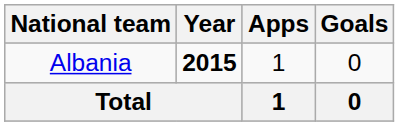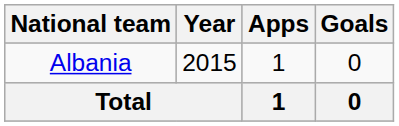 <table class="wikitable" style="text-align:center">
 <tr>
 <th>National team</th>
 <th>Year</th>
 <th>Apps</th>
 <th>Goals</th>
 </tr>
 <tr>
 <td><a href='#'>Albania</a></td>
-<td><strong>2015</strong></td>
+<td>2015</td>
 <td>1</td>
 <td>0</td>
 </tr>
 <tr>
 <th colspan="2">Total</th>
 <th>1</th>
 <th>0</th>
 </tr>
 </table>
